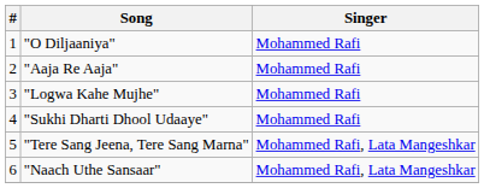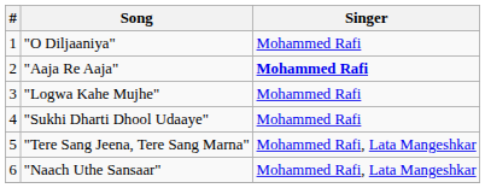 <table class="wikitable" style="font-size:95%;">
 <tr>
 <th>#</th>
 <th>Song</th>
 <th>Singer</th>
 </tr>
 <tr>
 <td>1</td>
 <td>"O Diljaaniya"</td>
 <td><a href='#'>Mohammed Rafi</a></td>
 </tr>
 <tr>
 <td>2</td>
 <td>"Aaja Re Aaja"</td>
-<td><a href='#'>Mohammed Rafi</a></td>
+<td><strong><a href='#'>Mohammed Rafi</a></strong></td>
 </tr>
 <tr>
 <td>3</td>
 <td>"Logwa Kahe Mujhe"</td>
 <td><a href='#'>Mohammed Rafi</a></td>
 </tr>
 <tr>
 <td>4</td>
 <td>"Sukhi Dharti Dhool Udaaye"</td>
 <td><a href='#'>Mohammed Rafi</a></td>
 </tr>
 <tr>
 <td>5</td>
 <td>"Tere Sang Jeena, Tere Sang Marna"</td>
 <td><a href='#'>Mohammed Rafi</a>, <a href='#'>Lata Mangeshkar</a></td>
 </tr>
 <tr>
 <td>6</td>
 <td>"Naach Uthe Sansaar"</td>
 <td><a href='#'>Mohammed Rafi</a>, <a href='#'>Lata Mangeshkar</a></td>
 </tr>
 <tr>
 </tr>
 </table>
